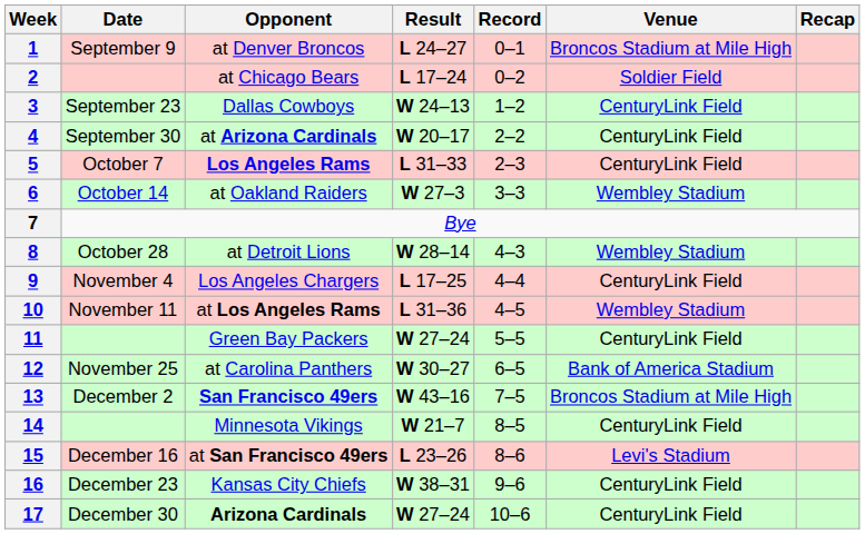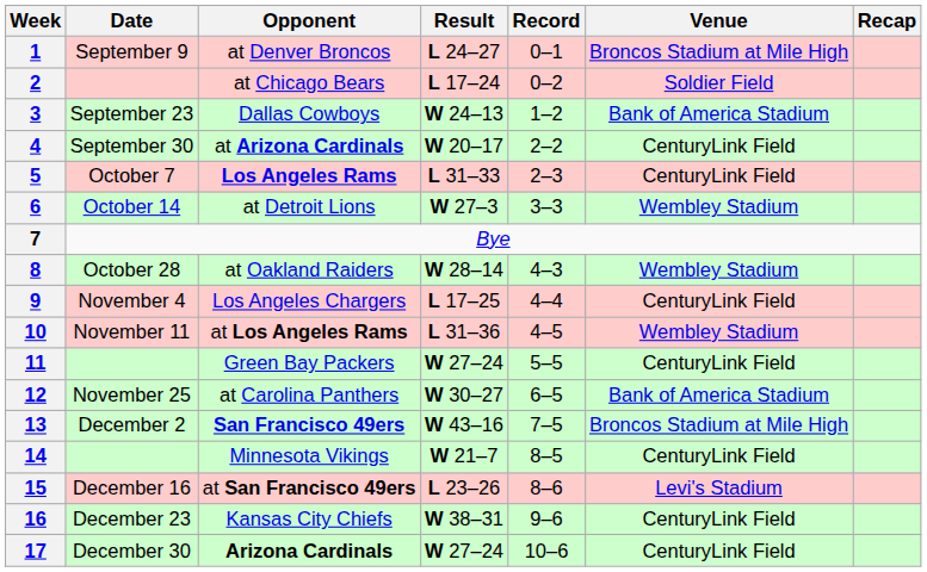 <table class="wikitable" style="text-align:center">
 <tr>
 <th>Week</th>
 <th>Date</th>
 <th>Opponent</th>
 <th>Result</th>
 <th>Record</th>
 <th>Venue</th>
 <th>Recap</th>
 </tr>
 <tr style="background:#fcc">
 <th><a href='#'>1</a></th>
 <td>September 9</td>
 <td>at <a href='#'>Denver Broncos</a></td>
 <td><strong>L</strong> 24–27</td>
 <td>0–1</td>
 <td><a href='#'>Broncos Stadium at Mile High</a></td>
 <td></td>
 </tr>
 <tr style="background:#fcc">
 <th><a href='#'>2</a></th>
 <td></td>
 <td>at <a href='#'>Chicago Bears</a></td>
 <td><strong>L</strong> 17–24</td>
 <td>0–2</td>
 <td><a href='#'>Soldier Field</a></td>
 <td></td>
 </tr>
 <tr style="background:#cfc">
 <th><a href='#'>3</a></th>
 <td>September 23</td>
 <td><a href='#'>Dallas Cowboys</a></td>
 <td><strong>W</strong> 24–13</td>
 <td>1–2</td>
-<td><a href='#'>CenturyLink Field</a></td>
+<td><a href='#'>Bank of America Stadium</a></td>
 <td></td>
 </tr>
 <tr style="background:#cfc">
 <th><a href='#'>4</a></th>
 <td>September 30</td>
 <td>at <strong><a href='#'>Arizona Cardinals</a></strong></td>
 <td><strong>W</strong> 20–17</td>
 <td>2–2</td>
 <td>CenturyLink Field</td>
 <td></td>
 </tr>
 <tr style="background:#fcc">
 <th><a href='#'>5</a></th>
 <td>October 7</td>
 <td><strong><a href='#'>Los Angeles Rams</a></strong></td>
 <td><strong>L</strong> 31–33</td>
 <td>2–3</td>
 <td>CenturyLink Field</td>
 <td></td>
 </tr>
 <tr style="background:#cfc">
 <th><a href='#'>6</a></th>
 <td><a href='#'>October 14</a></td>
-<td>at <a href='#'>Oakland Raiders</a></td>
+<td>at <a href='#'>Detroit Lions</a></td>
 <td><strong>W</strong> 27–3</td>
 <td>3–3</td>
 <td> <a href='#'>Wembley Stadium</a> </td>
 <td></td>
 </tr>
 <tr>
 <th>7</th>
 <td colspan="6"><em><a href='#'>Bye</a></em></td>
 </tr>
 <tr style="background:#cfc">
 <th><a href='#'>8</a></th>
 <td>October 28</td>
-<td>at <a href='#'>Detroit Lions</a></td>
+<td>at <a href='#'>Oakland Raiders</a></td>
 <td><strong>W</strong> 28–14</td>
 <td>4–3</td>
 <td> <a href='#'>Wembley Stadium</a> </td>
 <td></td>
 </tr>
 <tr style="background:#fcc">
 <th><a href='#'>9</a></th>
 <td>November 4</td>
 <td><a href='#'>Los Angeles Chargers</a></td>
 <td><strong>L</strong> 17–25</td>
 <td>4–4</td>
 <td>CenturyLink Field</td>
 <td></td>
 </tr>
 <tr style="background:#fcc">
 <th><a href='#'>10</a></th>
 <td>November 11</td>
 <td>at <strong>Los Angeles Rams</strong></td>
 <td><strong>L</strong> 31–36</td>
 <td>4–5</td>
 <td> <a href='#'>Wembley Stadium</a> </td>
 <td></td>
 </tr>
 <tr style="background:#cfc">
 <th><a href='#'>11</a></th>
 <td></td>
 <td><a href='#'>Green Bay Packers</a></td>
 <td><strong>W</strong> 27–24</td>
 <td>5–5</td>
 <td>CenturyLink Field</td>
 <td></td>
 </tr>
 <tr style="background:#cfc">
 <th><a href='#'>12</a></th>
 <td>November 25</td>
 <td>at <a href='#'>Carolina Panthers</a></td>
 <td><strong>W</strong> 30–27</td>
 <td>6–5</td>
 <td><a href='#'>Bank of America Stadium</a></td>
 <td></td>
 </tr>
 <tr style="background:#cfc">
 <th><a href='#'>13</a></th>
 <td>December 2</td>
 <td><strong><a href='#'>San Francisco 49ers</a></strong></td>
 <td><strong>W</strong> 43–16</td>
 <td>7–5</td>
 <td><a href='#'>Broncos Stadium at Mile High</a></td>
 <td></td>
 </tr>
 <tr style="background:#cfc">
 <th><a href='#'>14</a></th>
 <td></td>
 <td><a href='#'>Minnesota Vikings</a></td>
 <td><strong>W</strong> 21–7</td>
 <td>8–5</td>
 <td>CenturyLink Field</td>
 <td></td>
 </tr>
 <tr style="background:#fcc">
 <th><a href='#'>15</a></th>
 <td>December 16</td>
 <td>at <strong>San Francisco 49ers</strong></td>
 <td><strong>L</strong> 23–26 </td>
 <td>8–6</td>
 <td><a href='#'>Levi's Stadium</a></td>
 <td></td>
 </tr>
 <tr style="background:#cfc">
 <th><a href='#'>16</a></th>
 <td>December 23</td>
 <td><a href='#'>Kansas City Chiefs</a></td>
 <td><strong>W</strong> 38–31</td>
 <td>9–6</td>
 <td>CenturyLink Field</td>
 <td></td>
 </tr>
 <tr style="background:#cfc">
 <th><a href='#'>17</a></th>
 <td>December 30</td>
 <td><strong>Arizona Cardinals</strong></td>
 <td><strong>W</strong> 27–24</td>
 <td>10–6</td>
 <td>CenturyLink Field</td>
 <td></td>
 </tr>
 </table>
